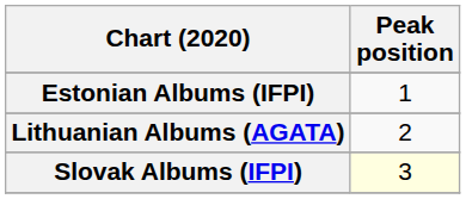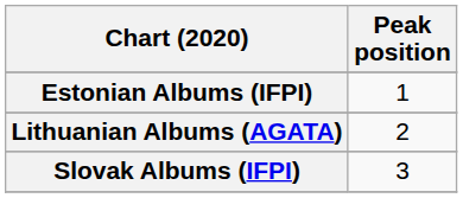 <table class="wikitable sortable plainrowheaders" style="text-align:center">
 <tr>
 <th scope="col">Chart (2020)</th>
 <th scope="col">Peak<br>position</th>
 </tr>
 <tr>
 </tr>
 <tr>
 </tr>
 <tr>
 </tr>
 <tr>
 </tr>
 <tr>
 </tr>
 <tr>
 </tr>
 <tr>
 </tr>
 <tr>
 </tr>
 <tr>
 <th scope="row">Estonian Albums (IFPI)</th>
 <td>1</td>
 </tr>
 <tr>
 </tr>
 <tr>
 </tr>
 <tr>
 </tr>
 <tr>
 </tr>
 <tr>
 </tr>
 <tr>
 <th scope="row">Lithuanian Albums (<a href='#'>AGATA</a>)</th>
 <td>2</td>
 </tr>
 <tr>
 </tr>
 <tr>
 </tr>
 <tr>
 </tr>
 <tr>
 <th scope="row">Slovak Albums (<a href='#'>IFPI</a>)</th>
-<td style="background: lightyellow;">3</td>
+<td>3</td>
 </tr>
 <tr>
 </tr>
 <tr>
 </tr>
 <tr>
 </tr>
 <tr>
 </tr>
 <tr>
 </tr>
 <tr>
 </tr>
 <tr>
 </tr>
 </table>
